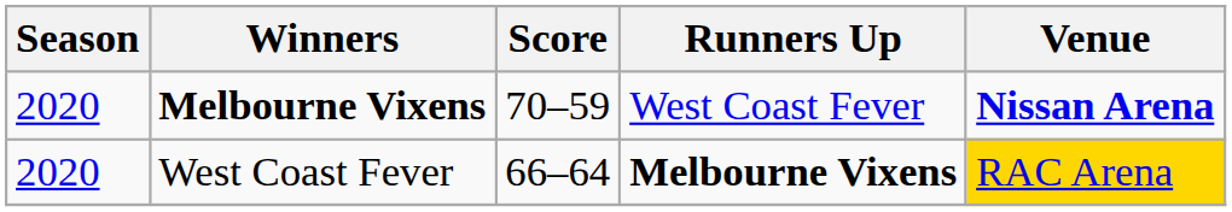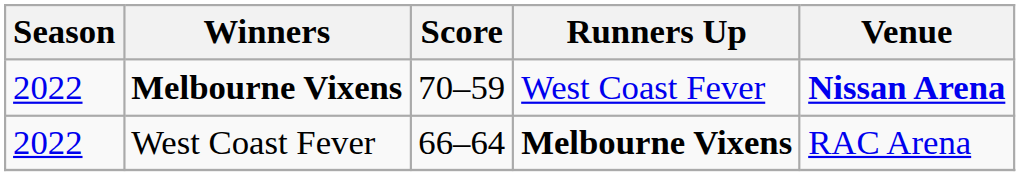 <table class="wikitable collapsible">
 <tr>
 <th>Season</th>
 <th>Winners</th>
 <th>Score</th>
 <th>Runners Up</th>
 <th>Venue</th>
 </tr>
 <tr>
-<td><a href='#'>2020</a></td>
+<td><a href='#'>2022</a></td>
 <td><strong>Melbourne Vixens</strong></td>
 <td>70–59</td>
 <td><a href='#'>West Coast Fever</a></td>
 <td><strong><a href='#'>Nissan Arena</a></strong></td>
 </tr>
 <tr>
-<td><a href='#'>2020</a></td>
+<td><a href='#'>2022</a></td>
 <td>West Coast Fever</td>
 <td>66–64</td>
 <td><strong>Melbourne Vixens</strong></td>
-<td style="background: gold;"><a href='#'>RAC Arena</a></td>
+<td><a href='#'>RAC Arena</a></td>
 </tr>
 <tr>
 </tr>
 </table>
